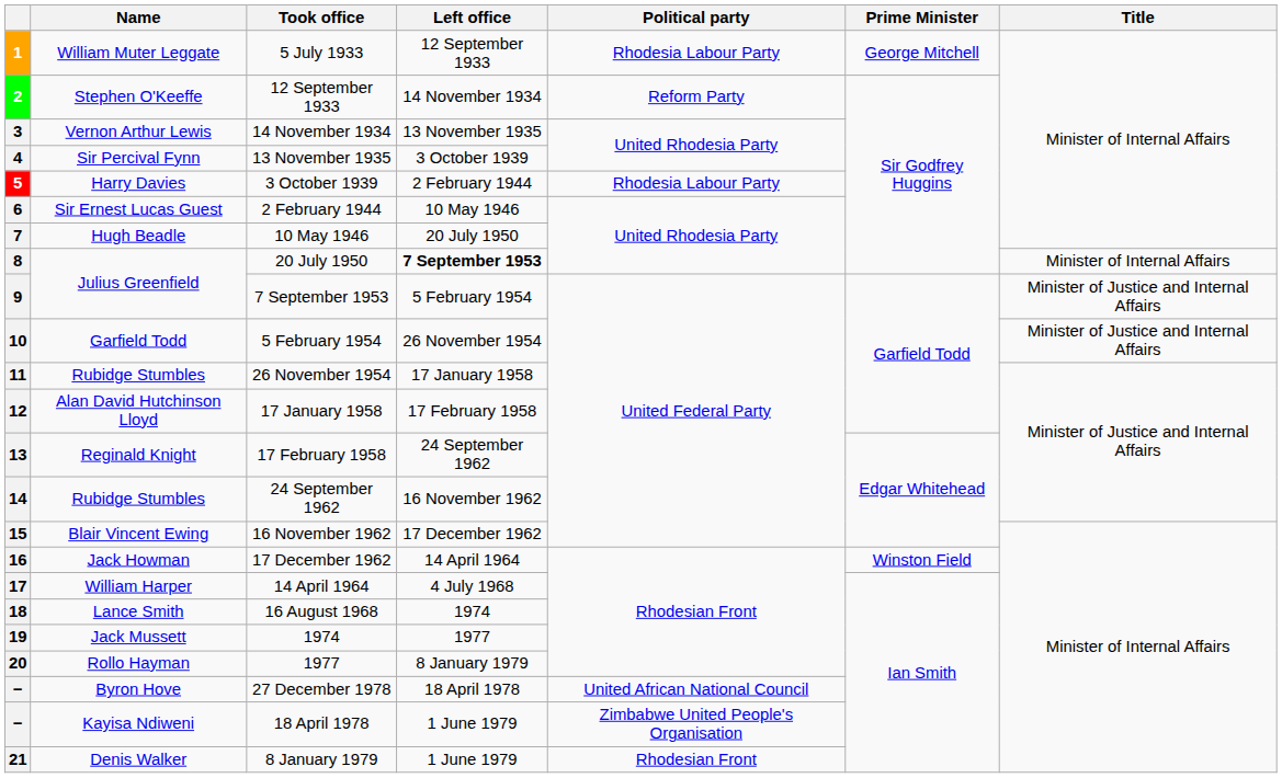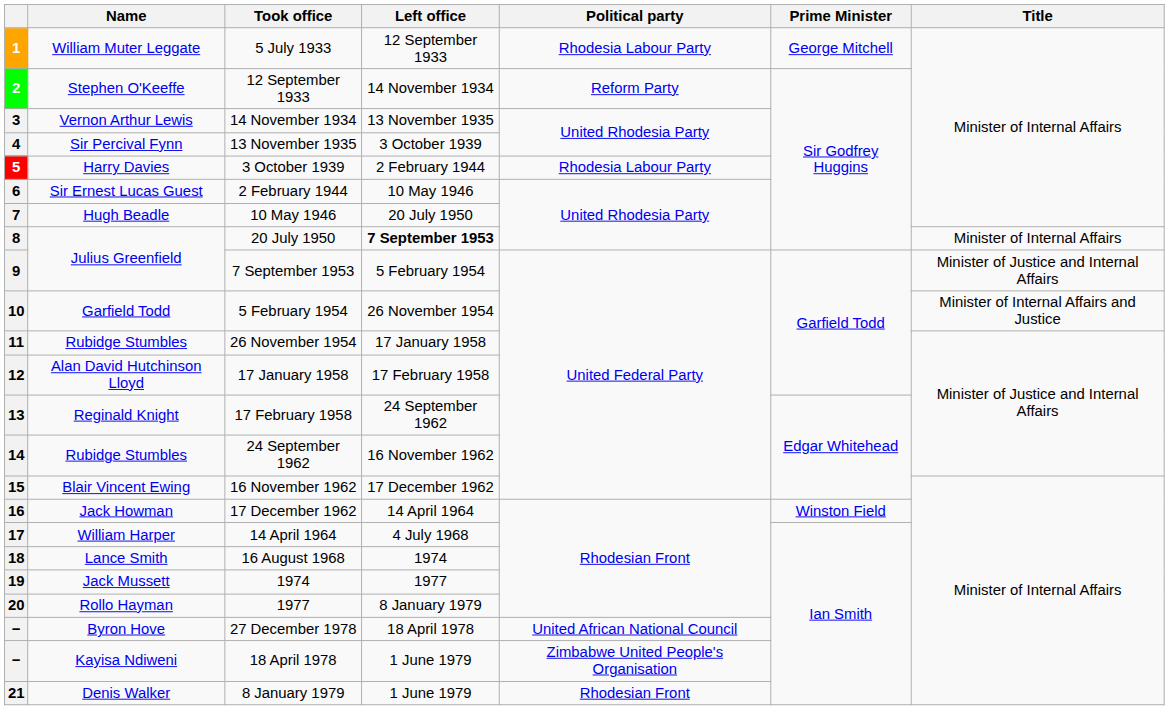 <table class="wikitable" style="text-align:center">
 <tr>
 <th></th>
 <th>Name</th>
 <th>Took office</th>
 <th>Left office</th>
 <th>Political party</th>
 <th>Prime Minister</th>
 <th>Title</th>
 </tr>
 <tr>
 <th style="background:orange; color:white;">1</th>
 <td><a href='#'>William Muter Leggate</a></td>
 <td>5 July 1933</td>
 <td>12 September 1933</td>
 <td><a href='#'>Rhodesia Labour Party</a></td>
 <td><a href='#'>George Mitchell</a></td>
 <td rowspan="7">Minister of Internal Affairs</td>
 </tr>
 <tr>
 <th style="background:lime; color:white;">2</th>
 <td><a href='#'>Stephen O'Keeffe</a></td>
 <td>12 September 1933</td>
 <td>14 November 1934</td>
 <td><a href='#'>Reform Party</a></td>
 <td rowspan="7"><a href='#'>Sir Godfrey Huggins</a></td>
 </tr>
 <tr>
 <th style="background:">3</th>
 <td><a href='#'>Vernon Arthur Lewis</a></td>
 <td>14 November 1934</td>
 <td>13 November 1935</td>
 <td rowspan="2"><a href='#'>United Rhodesia Party</a></td>
 </tr>
 <tr>
 <th style="background:">4</th>
 <td><a href='#'>Sir Percival Fynn</a></td>
 <td>13 November 1935</td>
 <td>3 October 1939</td>
 </tr>
 <tr>
 <th style="background:red; color:white;">5</th>
 <td><a href='#'>Harry Davies</a></td>
 <td>3 October 1939</td>
 <td>2 February 1944</td>
 <td><a href='#'>Rhodesia Labour Party</a></td>
 </tr>
 <tr>
 <th style="background:">6</th>
 <td><a href='#'>Sir Ernest Lucas Guest</a></td>
 <td>2 February 1944</td>
 <td>10 May 1946</td>
 <td rowspan="3"><a href='#'>United Rhodesia Party</a></td>
 </tr>
 <tr>
 <th style="background:">7</th>
 <td><a href='#'>Hugh Beadle</a></td>
 <td>10 May 1946</td>
 <td>20 July 1950</td>
 </tr>
 <tr>
 <th style="background:">8</th>
 <td rowspan="2"><a href='#'>Julius Greenfield</a></td>
 <td>20 July 1950</td>
 <td><strong>7 September 1953</strong></td>
 <td>Minister of Internal Affairs</td>
 </tr>
 <tr>
 <th style="background:">9</th>
 <td>7 September 1953</td>
 <td>5 February 1954</td>
 <td rowspan="7"><a href='#'>United Federal Party</a></td>
 <td rowspan="4"><a href='#'>Garfield Todd</a></td>
 <td>Minister of Justice and Internal Affairs</td>
 </tr>
 <tr>
 <th style="background:">10</th>
 <td><a href='#'>Garfield Todd</a></td>
 <td>5 February 1954</td>
 <td>26 November 1954</td>
-<td>Minister of Justice and Internal Affairs</td>
+<td>Minister of Internal Affairs and Justice</td>
 </tr>
 <tr>
 <th style="background:">11</th>
 <td><a href='#'>Rubidge Stumbles</a></td>
 <td>26 November 1954</td>
 <td>17 January 1958</td>
 <td rowspan="4">Minister of Justice and Internal Affairs</td>
 </tr>
 <tr>
 <th style="background:">12</th>
 <td><a href='#'>Alan David Hutchinson Lloyd</a></td>
 <td>17 January 1958</td>
 <td>17 February 1958</td>
 </tr>
 <tr>
 <th style="background:">13</th>
 <td><a href='#'>Reginald Knight</a></td>
 <td>17 February 1958</td>
 <td>24 September 1962</td>
 <td rowspan="3"><a href='#'>Edgar Whitehead</a></td>
 </tr>
 <tr>
 <th style="background:">14</th>
 <td><a href='#'>Rubidge Stumbles</a></td>
 <td>24 September 1962</td>
 <td>16 November 1962</td>
 </tr>
 <tr>
 <th style="background:">15</th>
 <td><a href='#'>Blair Vincent Ewing</a></td>
 <td>16 November 1962</td>
 <td>17 December 1962</td>
 <td rowspan="9">Minister of Internal Affairs</td>
 </tr>
 <tr>
 <th style="background:">16</th>
 <td><a href='#'>Jack Howman</a></td>
 <td>17 December 1962</td>
 <td>14 April 1964</td>
 <td rowspan="5"><a href='#'>Rhodesian Front</a></td>
 <td><a href='#'>Winston Field</a></td>
 </tr>
 <tr>
 <th style="background:">17</th>
 <td><a href='#'>William Harper</a></td>
 <td>14 April 1964</td>
 <td>4 July 1968</td>
 <td rowspan="7"><a href='#'>Ian Smith</a></td>
 </tr>
 <tr>
 <th style="background:">18</th>
 <td><a href='#'>Lance Smith</a></td>
 <td>16 August 1968</td>
 <td>1974</td>
 </tr>
 <tr>
 <th style="background:">19</th>
 <td><a href='#'>Jack Mussett</a></td>
 <td>1974</td>
 <td>1977</td>
 </tr>
 <tr>
 <th style="background:">20</th>
 <td><a href='#'>Rollo Hayman</a></td>
 <td>1977</td>
 <td>8 January 1979</td>
 </tr>
 <tr>
 <th style="background:">−</th>
 <td><a href='#'>Byron Hove</a><br></td>
 <td>27 December 1978</td>
 <td>18 April 1978</td>
 <td><a href='#'>United African National Council</a></td>
 </tr>
 <tr>
 <th style="background:">−</th>
 <td><a href='#'>Kayisa Ndiweni</a><br></td>
 <td>18 April 1978</td>
 <td>1 June 1979</td>
 <td><a href='#'>Zimbabwe United People's Organisation</a></td>
 </tr>
 <tr>
 <th style="background:">21</th>
 <td><a href='#'>Denis Walker</a></td>
 <td>8 January 1979</td>
 <td>1 June 1979</td>
 <td><a href='#'>Rhodesian Front</a></td>
 </tr>
 </table>
